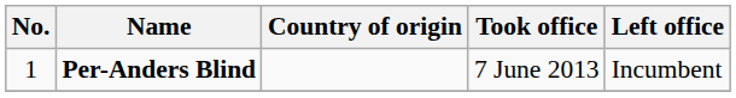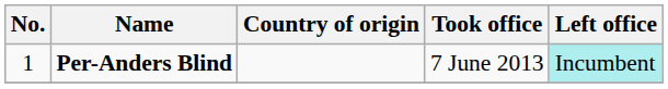 <table class="wikitable" style="font-size:90%; text-align:left">
 <tr>
 <th>No.</th>
 <th>Name</th>
 <th>Country of origin</th>
 <th>Took office</th>
 <th>Left office</th>
 </tr>
 <tr>
 <td align=center>1</td>
 <td><strong>Per-Anders Blind</strong></td>
 <td></td>
 <td>7 June 2013</td>
-<td>Incumbent</td>
+<td style="background: paleturquoise;">Incumbent</td>
 </tr>
 <tr>
 </tr>
 </table>
